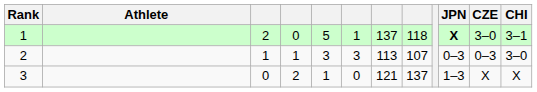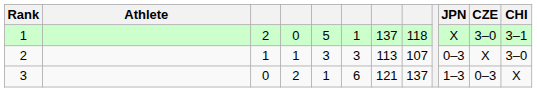 <table class="wikitable" style="text-align:center">
 <tr>
 <th>Rank</th>
 <th width=250>Athlete</th>
 <th width=30></th>
 <th width=30></th>
 <th width=30></th>
 <th width=30></th>
 <th width=30></th>
 <th width=30></th>
 <th rowspan=4></th>
 <th width=30>JPN</th>
 <th width=30>CZE</th>
 <th width=30>CHI</th>
 </tr>
 <tr bgcolor=#ccffcc>
 <td>1</td>
 <td align=left></td>
 <td>2</td>
 <td>0</td>
 <td>5</td>
 <td>1</td>
 <td>137</td>
 <td>118</td>
-<td><strong>X</strong></td>
+<td>X</td>
 <td>3–0</td>
 <td>3–1</td>
 </tr>
 <tr>
 <td>2</td>
 <td align=left></td>
 <td>1</td>
 <td>1</td>
 <td>3</td>
 <td>3</td>
 <td>113</td>
 <td>107</td>
 <td>0–3</td>
-<td>0–3</td>
+<td>X</td>
 <td>3–0</td>
 </tr>
 <tr>
 <td>3</td>
 <td align=left></td>
 <td>0</td>
 <td>2</td>
 <td>1</td>
-<td>0</td>
+<td>6</td>
 <td>121</td>
 <td>137</td>
 <td>1–3</td>
-<td>X</td>
+<td>0–3</td>
 <td>X</td>
 </tr>
 </table>
